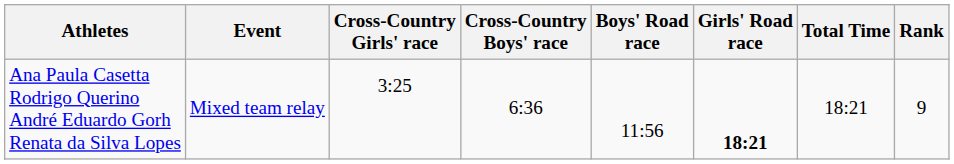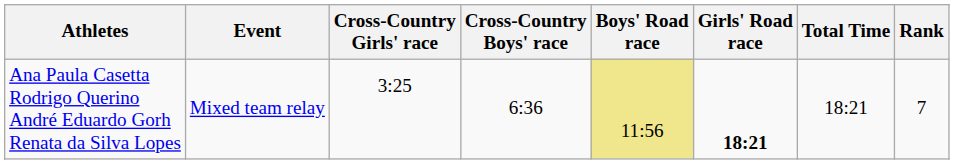 <table class="wikitable" style="font-size:90%;">
 <tr>
 <th>Athletes</th>
 <th>Event</th>
 <th>Cross-Country<br>Girls' race</th>
 <th>Cross-Country<br>Boys' race</th>
 <th>Boys' Road<br>race</th>
 <th>Girls' Road<br>race</th>
 <th>Total Time</th>
 <th>Rank</th>
 </tr>
 <tr align=center>
 <td align=left><a href='#'>Ana Paula Casetta</a><br><a href='#'>Rodrigo Querino</a><br><a href='#'>André Eduardo Gorh</a><br><a href='#'>Renata da Silva Lopes</a></td>
 <td align=left><a href='#'>Mixed team relay</a></td>
 <td>3:25<br><br><br></td>
 <td><br>6:36<br><br></td>
-<td><br><br>11:56<br></td>
+<td style="background: khaki;"><br><br>11:56<br></td>
 <td><strong><br><br><br>18:21</strong></td>
 <td>18:21</td>
-<td>9</td>
+<td>7</td>
 </tr>
 </table>
